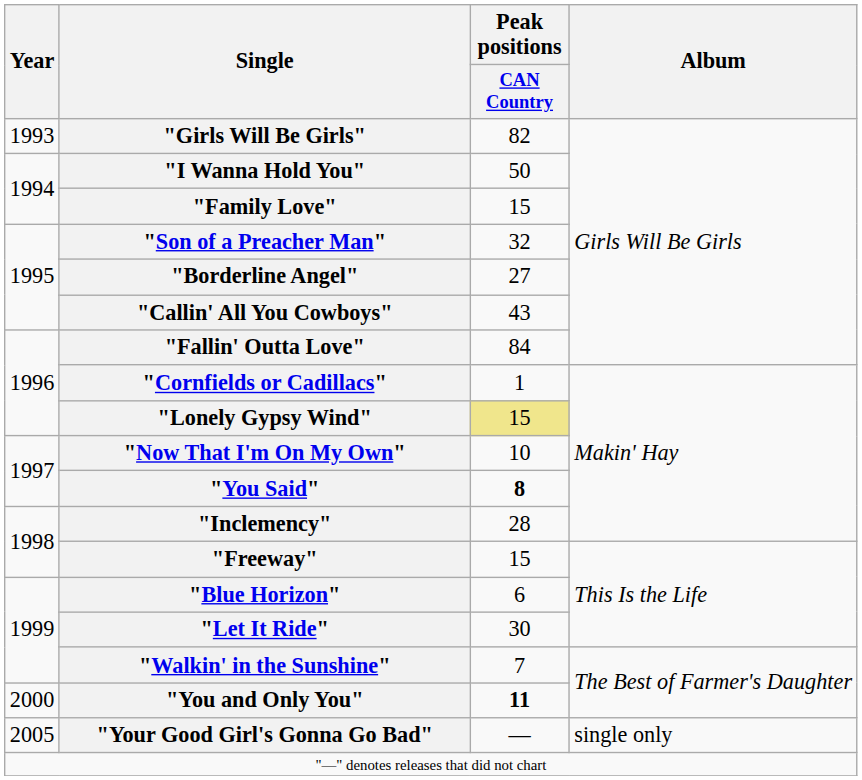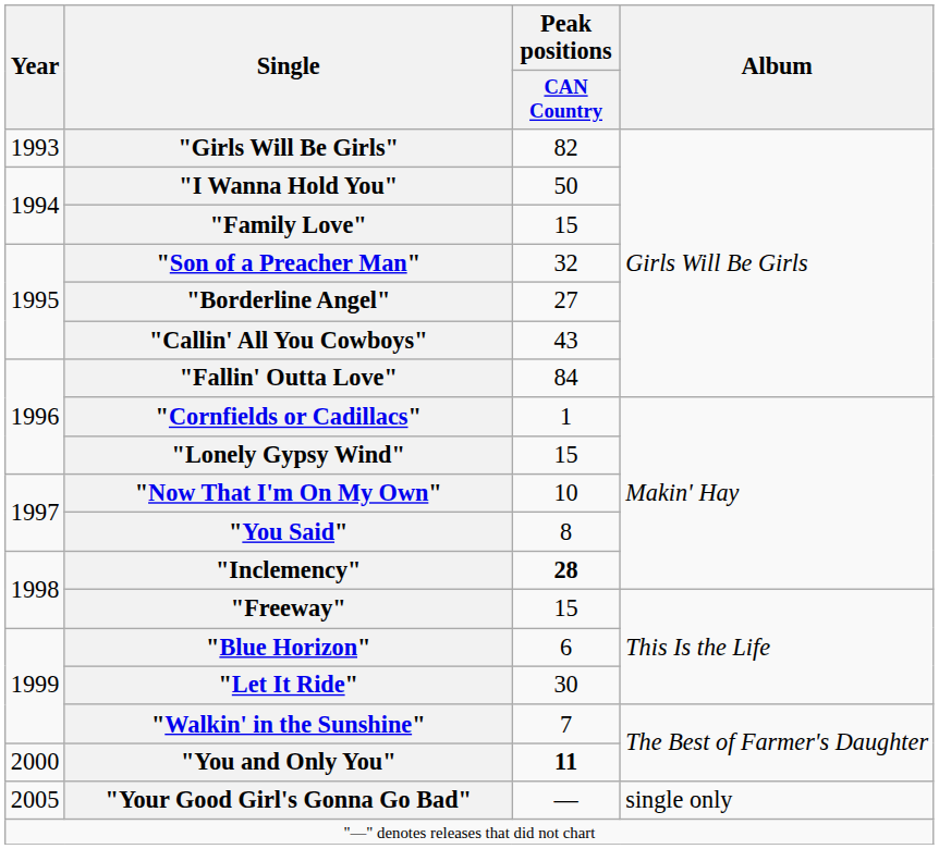 <table class="wikitable plainrowheaders" style="text-align:center;">
 <tr>
 <th rowspan="2">Year</th>
 <th rowspan="2" style="width:18em;">Single</th>
 <th colspan="1">Peak positions</th>
 <th rowspan="2">Album</th>
 </tr>
 <tr style="font-size:smaller;">
 <th width="65"><a href='#'>CAN Country</a></th>
 </tr>
 <tr>
 <td>1993</td>
 <th scope="row">"Girls Will Be Girls"</th>
 <td>82</td>
 <td align="left" rowspan="7"><em>Girls Will Be Girls</em></td>
 </tr>
 <tr>
 <td rowspan="2">1994</td>
 <th scope="row">"I Wanna Hold You"</th>
 <td>50</td>
 </tr>
 <tr>
 <th scope="row">"Family Love"</th>
 <td>15</td>
 </tr>
 <tr>
 <td rowspan="3">1995</td>
 <th scope="row">"<a href='#'>Son of a Preacher Man</a>"</th>
 <td>32</td>
 </tr>
 <tr>
 <th scope="row">"Borderline Angel"</th>
 <td>27</td>
 </tr>
 <tr>
 <th scope="row">"Callin' All You Cowboys"</th>
 <td>43</td>
 </tr>
 <tr>
 <td rowspan="3">1996</td>
 <th scope="row">"Fallin' Outta Love"</th>
 <td>84</td>
 </tr>
 <tr>
 <th scope="row">"<a href='#'>Cornfields or Cadillacs</a>"</th>
 <td>1</td>
 <td align="left" rowspan="5"><em>Makin' Hay</em></td>
 </tr>
 <tr>
 <th scope="row">"Lonely Gypsy Wind"</th>
-<td style="background: khaki;">15</td>
+<td>15</td>
 </tr>
 <tr>
 <td rowspan="2">1997</td>
 <th scope="row">"<a href='#'>Now That I'm On My Own</a>"</th>
 <td>10</td>
 </tr>
 <tr>
 <th scope="row">"<a href='#'>You Said</a>"</th>
-<td><strong>8</strong></td>
+<td>8</td>
 </tr>
 <tr>
 <td rowspan="2">1998</td>
 <th scope="row">"Inclemency"</th>
-<td>28</td>
+<td><strong>28</strong></td>
 </tr>
 <tr>
 <th scope="row">"Freeway"</th>
 <td>15</td>
 <td align="left" rowspan="3"><em>This Is the Life</em></td>
 </tr>
 <tr>
 <td rowspan="3">1999</td>
 <th scope="row">"<a href='#'>Blue Horizon</a>"</th>
 <td>6</td>
 </tr>
 <tr>
 <th scope="row">"<a href='#'>Let It Ride</a>"</th>
 <td>30</td>
 </tr>
 <tr>
 <th scope="row">"<a href='#'>Walkin' in the Sunshine</a>"</th>
 <td>7</td>
 <td align="left" rowspan="2"><em>The Best of Farmer's Daughter</em></td>
 </tr>
 <tr>
 <td>2000</td>
 <th scope="row">"You and Only You"</th>
 <td><strong>11</strong></td>
 </tr>
 <tr>
 <td>2005</td>
 <th scope="row">"Your Good Girl's Gonna Go Bad"</th>
 <td>—</td>
 <td align="left">single only</td>
 </tr>
 <tr>
 <td colspan="4" style="font-size:8pt">"—" denotes releases that did not chart</td>
 </tr>
 <tr>
 </tr>
 </table>
